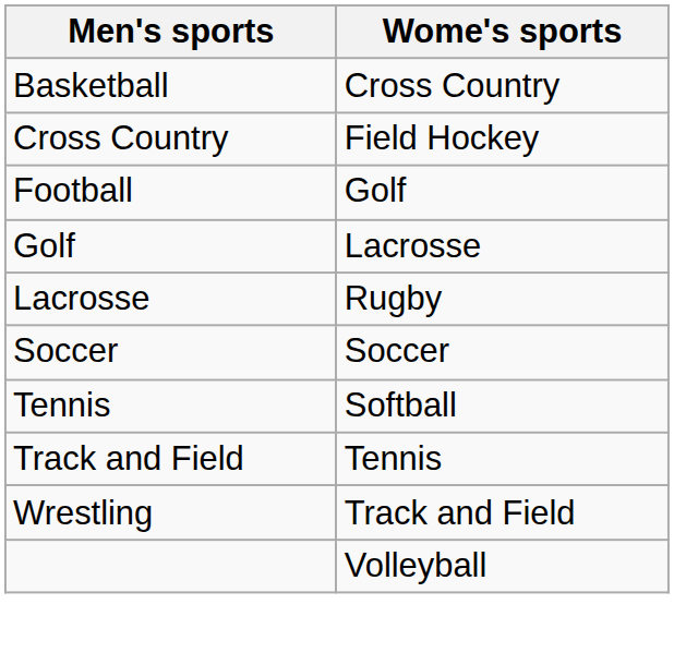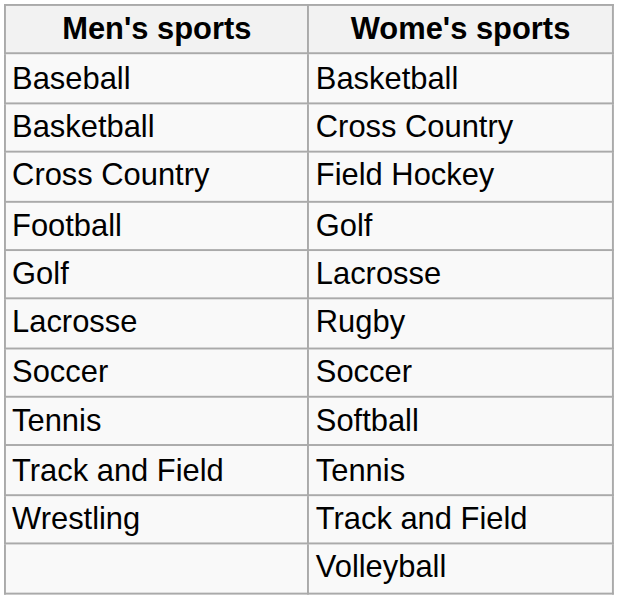 <table class="wikitable"; style= "text-align: ">
 <tr>
 <th width=150px>Men's sports</th>
 <th width=150px>Wome's sports</th>
+</tr>
+<tr>
+<td>Baseball</td>
+<td>Basketball</td>
 </tr>
 <tr>
 <td>Basketball</td>
 <td>Cross Country</td>
 </tr>
 <tr>
 <td>Cross Country</td>
 <td>Field Hockey</td>
 </tr>
 <tr>
 <td>Football</td>
 <td>Golf</td>
 </tr>
 <tr>
 <td>Golf</td>
 <td>Lacrosse</td>
 </tr>
 <tr>
 <td>Lacrosse</td>
 <td>Rugby</td>
 </tr>
 <tr>
 <td>Soccer</td>
 <td>Soccer</td>
 </tr>
 <tr>
 <td>Tennis</td>
 <td>Softball</td>
 </tr>
 <tr>
 <td>Track and Field</td>
 <td>Tennis</td>
 </tr>
 <tr>
 <td>Wrestling</td>
 <td>Track and Field</td>
 </tr>
 <tr>
 <td></td>
 <td>Volleyball</td>
 </tr>
 </table>
